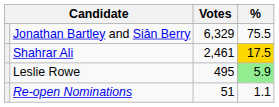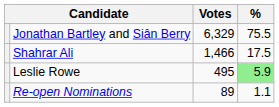 <table class="wikitable">
 <tr style="background:#e9e9e9;">
 <th colspan="2">Candidate</th>
 <th style="width: 50px">Votes</th>
 <th style="width: 40px">%</th>
 </tr>
 <tr>
 <th style="background-color: "></th>
 <td><a href='#'>Jonathan Bartley</a> and <a href='#'>Siân Berry</a></td>
 <td style="text-align:right;">6,329</td>
 <td style="text-align:right;">75.5</td>
 </tr>
 <tr>
 <th style="background-color: "></th>
 <td><a href='#'>Shahrar Ali</a></td>
-<td style="text-align:right;">2,461</td>
-<td style="background: gold; text-align:right;">17.5</td>
+<td style="text-align:right;">1,466</td>
+<td style="text-align:right;">17.5</td>
 </tr>
 <tr>
 <th style="background-color: "></th>
 <td>Leslie Rowe</td>
 <td style="text-align:right;">495</td>
 <td style="background: lightgreen; text-align:right;">5.9</td>
 </tr>
 <tr>
 <th style="background-color: "></th>
 <td><em><a href='#'>Re-open Nominations</a></em></td>
-<td style="text-align:right;">51</td>
+<td style="text-align:right;">89</td>
 <td style="text-align:right;">1.1</td>
 </tr>
 </table>
